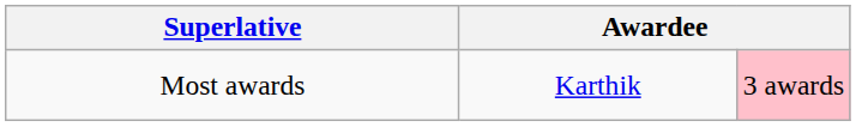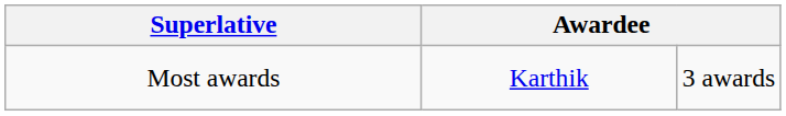 <table class="wikitable" style="text-align: center">
 <tr>
 <th width="25"><strong><a href='#'>Superlative</a></strong></th>
 <th colspan="2" width="100">Awardee</th>
 </tr>
 <tr style="height:2.5em;">
 <td width="250">Most awards</td>
 <td width="150"><a href='#'>Karthik</a></td>
-<td style="background: pink;">3 awards</td>
+<td>3 awards</td>
 </tr>
 </table>
